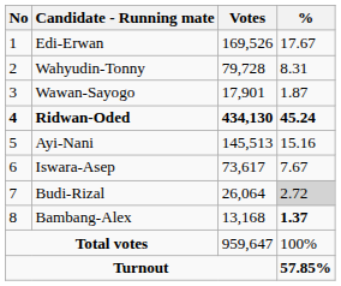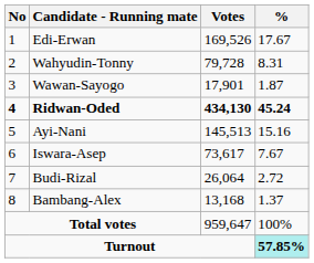 <table class="wikitable sortable">
 <tr>
 <th>No</th>
 <th>Candidate - Running mate</th>
 <th>Votes</th>
 <th>%</th>
 </tr>
 <tr>
 <td>1</td>
 <td>Edi-Erwan</td>
 <td>169,526</td>
 <td>17.67</td>
 </tr>
 <tr>
 <td>2</td>
 <td>Wahyudin-Tonny</td>
 <td>79,728</td>
 <td>8.31</td>
 </tr>
 <tr>
 <td>3</td>
 <td>Wawan-Sayogo</td>
 <td>17,901</td>
 <td>1.87</td>
 </tr>
 <tr>
 <td><strong>4</strong></td>
 <td><strong>Ridwan-Oded</strong></td>
 <td><strong>434,130</strong></td>
 <td><strong>45.24</strong></td>
 </tr>
 <tr>
 <td>5</td>
 <td>Ayi-Nani</td>
 <td>145,513</td>
 <td>15.16</td>
 </tr>
 <tr>
 <td>6</td>
 <td>Iswara-Asep</td>
 <td>73,617</td>
 <td>7.67</td>
 </tr>
 <tr>
 <td>7</td>
 <td>Budi-Rizal</td>
 <td>26,064</td>
-<td style="background: lightgrey;">2.72</td>
+<td>2.72</td>
 </tr>
 <tr>
 <td>8</td>
 <td>Bambang-Alex</td>
 <td>13,168</td>
-<td><strong>1.37</strong></td>
+<td>1.37</td>
 </tr>
 <tr>
 <td colspan=2 style="text-align:center;"><strong>Total votes</strong></td>
 <td>959,647</td>
 <td>100%</td>
 </tr>
 <tr>
 <td colspan=3 style="text-align:center;"><strong>Turnout</strong></td>
-<td><strong>57.85%</strong></td>
+<td style="background: paleturquoise;"><strong>57.85%</strong></td>
 </tr>
 </table>
